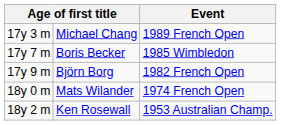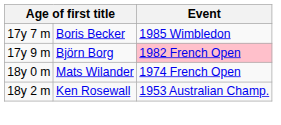 <table class=wikitable style="display:inline-table;">
 <tr>
 <th scope="col" colspan=2>Age of first title</th>
 <th scope="col">Event</th>
-</tr>
-<tr>
-<td>17y 3 m</td>
-<td> <a href='#'>Michael Chang</a></td>
-<td><a href='#'>1989 French Open</a></td>
 </tr>
 <tr>
 <td>17y 7 m</td>
 <td> <a href='#'>Boris Becker</a></td>
 <td><a href='#'>1985 Wimbledon</a></td>
 </tr>
 <tr>
 <td>17y 9 m</td>
 <td> <a href='#'>Björn Borg</a></td>
-<td><a href='#'>1982 French Open</a></td>
+<td style="background: pink;"><a href='#'>1982 French Open</a></td>
 </tr>
 <tr>
 <td>18y 0 m</td>
 <td> <a href='#'>Mats Wilander</a></td>
 <td><a href='#'>1974 French Open</a></td>
 </tr>
 <tr>
 <td>18y 2 m</td>
 <td> <a href='#'>Ken Rosewall</a></td>
 <td><a href='#'>1953 Australian Champ.</a></td>
 </tr>
 </table>
